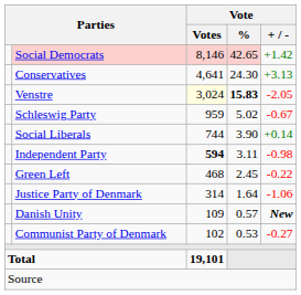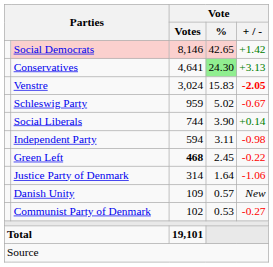 <table class="wikitable" style="text-align:right;">
 <tr>
 <th style="text-align:centre;" rowspan="2" colspan="2" width="225">Parties</th>
 <th colspan="3">Vote</th>
 </tr>
 <tr>
 <th width="15">Votes</th>
 <th width="15">%</th>
 <th width="15">+ / -</th>
 </tr>
 <tr>
 <td width="2" style="color:inherit;background:"></td>
 <td bgcolor=#fbd0ce  align="left"><a href='#'>Social Democrats</a></td>
 <td bgcolor=#fbd0ce>8,146</td>
 <td bgcolor=#fbd0ce>42.65</td>
 <td style=color:green;>+1.42</td>
 </tr>
 <tr>
 <td width="2" style="color:inherit;background:"></td>
 <td align="left"><a href='#'>Conservatives</a></td>
 <td>4,641</td>
-<td>24.30</td>
+<td style="background: lightgreen;">24.30</td>
 <td style=color:green;>+3.13</td>
 </tr>
 <tr>
 <td width="2" style="color:inherit;background:"></td>
 <td align="left"><a href='#'>Venstre</a></td>
-<td style="background: lightyellow;">3,024</td>
-<td><strong>15.83</strong></td>
-<td style=color:red;>-2.05</td>
+<td>3,024</td>
+<td>15.83</td>
+<td style=color:red;><strong>-2.05</strong></td>
 </tr>
 <tr>
 <td width="2" style="color:inherit;background:"></td>
 <td align="left"><a href='#'>Schleswig Party</a></td>
 <td>959</td>
 <td>5.02</td>
 <td style=color:red;>-0.67</td>
 </tr>
 <tr>
 <td width="2" style="color:inherit;background:"></td>
 <td align="left"><a href='#'>Social Liberals</a></td>
 <td>744</td>
 <td>3.90</td>
 <td style=color:green;>+0.14</td>
 </tr>
 <tr>
 <td width="2" style="color:inherit;background:"></td>
 <td align="left"><a href='#'>Independent Party</a></td>
-<td><strong>594</strong></td>
+<td>594</td>
 <td>3.11</td>
 <td style=color:red;>-0.98</td>
 </tr>
 <tr>
 <td width="2" style="color:inherit;background:"></td>
 <td align="left"><a href='#'>Green Left</a></td>
-<td>468</td>
+<td><strong>468</strong></td>
 <td>2.45</td>
 <td style=color:red;>-0.22</td>
 </tr>
 <tr>
 <td width="2" style="color:inherit;background:"></td>
 <td align="left"><a href='#'>Justice Party of Denmark</a></td>
 <td>314</td>
 <td>1.64</td>
 <td style=color:red;>-1.06</td>
 </tr>
 <tr>
 <td width="2" style="color:inherit;background:"></td>
 <td align="left"><a href='#'>Danish Unity</a></td>
 <td>109</td>
 <td>0.57</td>
-<td><strong><em>New</em></strong></td>
+<td><em>New</em></td>
 </tr>
 <tr>
 <td width="2" style="color:inherit;background:"></td>
 <td align="left"><a href='#'>Communist Party of Denmark</a></td>
 <td>102</td>
 <td>0.53</td>
 <td style=color:red;>-0.27</td>
 </tr>
 <tr>
 <td colspan="7" bgcolor="#E9E9E9"></td>
 </tr>
 <tr>
 <td align="left" colspan="2"><strong>Total</strong></td>
 <td><strong>19,101</strong></td>
 <td bgcolor="#E9E9E9" colspan="2"></td>
 </tr>
 <tr>
 <td align="left" colspan="6">Source</td>
 </tr>
 </table>
